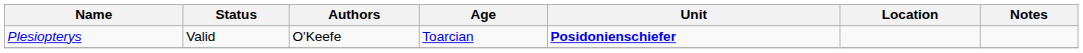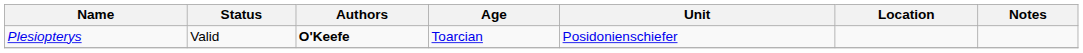 <table class="wikitable sortable" align="center" width="100%">
 <tr>
 <th>Name</th>
 <th>Status</th>
 <th>Authors</th>
 <th>Age</th>
 <th>Unit</th>
 <th>Location</th>
 <th>Notes</th>
 </tr>
 <tr>
 <td><em><a href='#'>Plesiopterys</a></em></td>
 <td>Valid</td>
-<td>O'Keefe</td>
+<td><strong>O'Keefe</strong></td>
 <td><a href='#'>Toarcian</a></td>
-<td><strong><a href='#'>Posidonienschiefer</a></strong></td>
+<td><a href='#'>Posidonienschiefer</a></td>
 <td></td>
 <td></td>
 </tr>
 <tr>
 </tr>
 </table>
